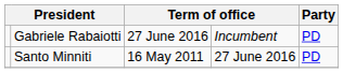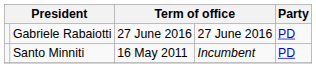 <table class="wikitable">
 <tr>
 <th colspan="2">President</th>
 <th colspan="2">Term of office</th>
 <th>Party</th>
 </tr>
 <tr>
 <td style="background-color: "></td>
 <td>Gabriele Rabaiotti</td>
 <td>27 June 2016</td>
-<td><em>Incumbent</em></td>
+<td>27 June 2016</td>
 <td><a href='#'>PD</a></td>
 </tr>
 <tr>
 <td style="background-color: "></td>
 <td>Santo Minniti</td>
 <td>16 May 2011</td>
-<td>27 June 2016</td>
+<td><em>Incumbent</em></td>
 <td><a href='#'>PD</a></td>
 </tr>
 <tr>
 </tr>
 </table>
